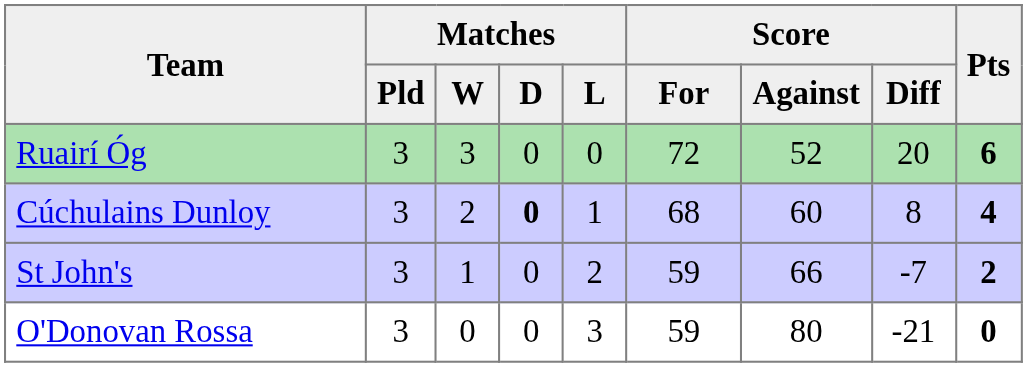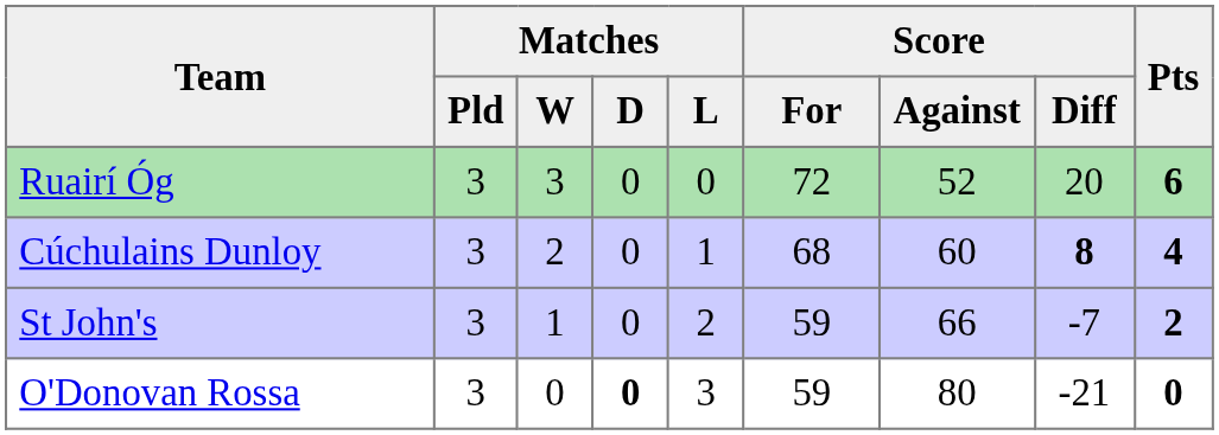 <table style=border-collapse:collapse border=1 cellspacing=0 cellpadding=5>
 <tr align=center bgcolor=#efefef>
 <th rowspan=2 width=165>Team</th>
 <th colspan=4>Matches</th>
 <th colspan=3>Score</th>
 <th rowspan=2width=20>Pts</th>
 </tr>
 <tr align=center bgcolor=#efefef>
 <th width=20>Pld</th>
 <th width=20>W</th>
 <th width=20>D</th>
 <th width=20>L</th>
 <th width=45>For</th>
 <th width=45>Against</th>
 <th width=30>Diff</th>
 </tr>
 <tr align=center style="background:#ACE1AF;">
 <td style="text-align:left;"><a href='#'>Ruairí Óg</a></td>
 <td>3</td>
 <td>3</td>
 <td>0</td>
 <td>0</td>
 <td>72</td>
 <td>52</td>
 <td>20</td>
 <td><strong>6</strong></td>
 </tr>
 <tr align=center style="background:#ccccff;">
 <td style="text-align:left;"><a href='#'>Cúchulains Dunloy</a></td>
 <td>3</td>
 <td>2</td>
-<td><strong>0</strong></td>
+<td>0</td>
 <td>1</td>
 <td>68</td>
 <td>60</td>
-<td>8</td>
+<td><strong>8</strong></td>
 <td><strong>4</strong></td>
 </tr>
 <tr align=center style="background:#ccccff;">
 <td style="text-align:left;"><a href='#'>St John's</a></td>
 <td>3</td>
 <td>1</td>
 <td>0</td>
 <td>2</td>
 <td>59</td>
 <td>66</td>
 <td>-7</td>
 <td><strong>2</strong></td>
 </tr>
 <tr align=center>
 <td style="text-align:left;"><a href='#'>O'Donovan Rossa</a></td>
 <td>3</td>
 <td>0</td>
-<td>0</td>
+<td><strong>0</strong></td>
 <td>3</td>
 <td>59</td>
 <td>80</td>
 <td>-21</td>
 <td><strong>0</strong></td>
 </tr>
 </table>
